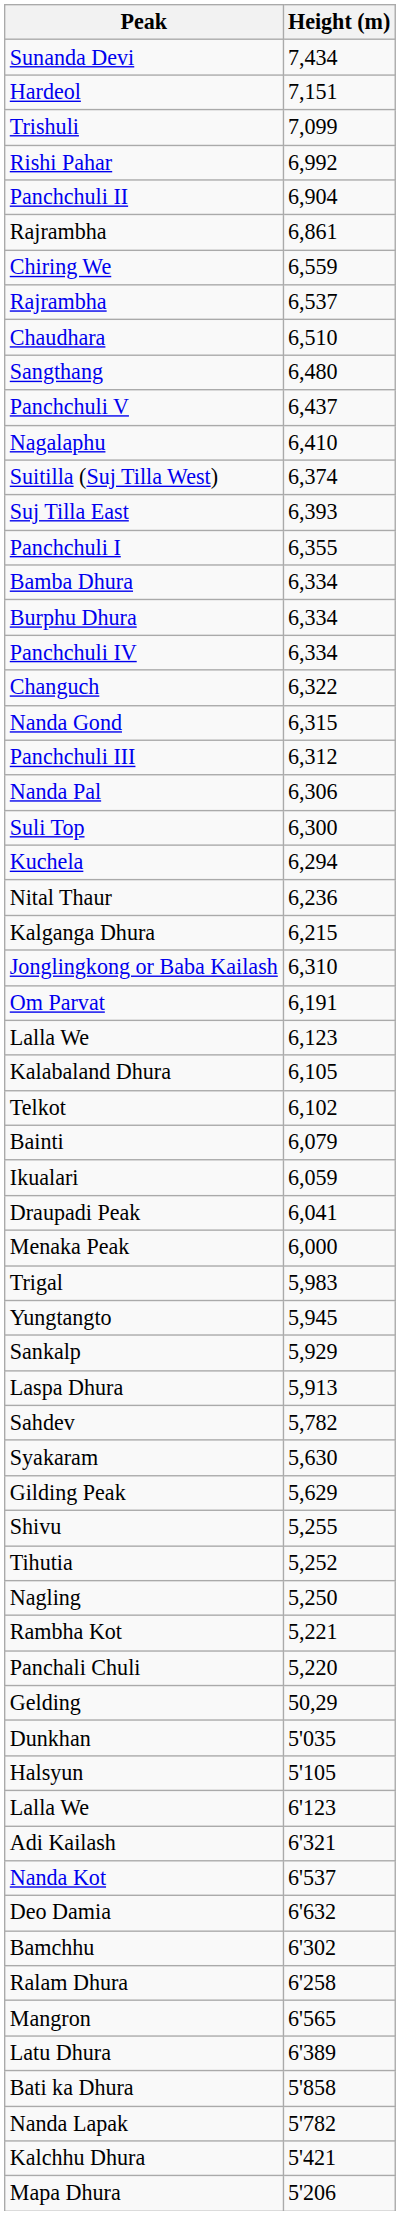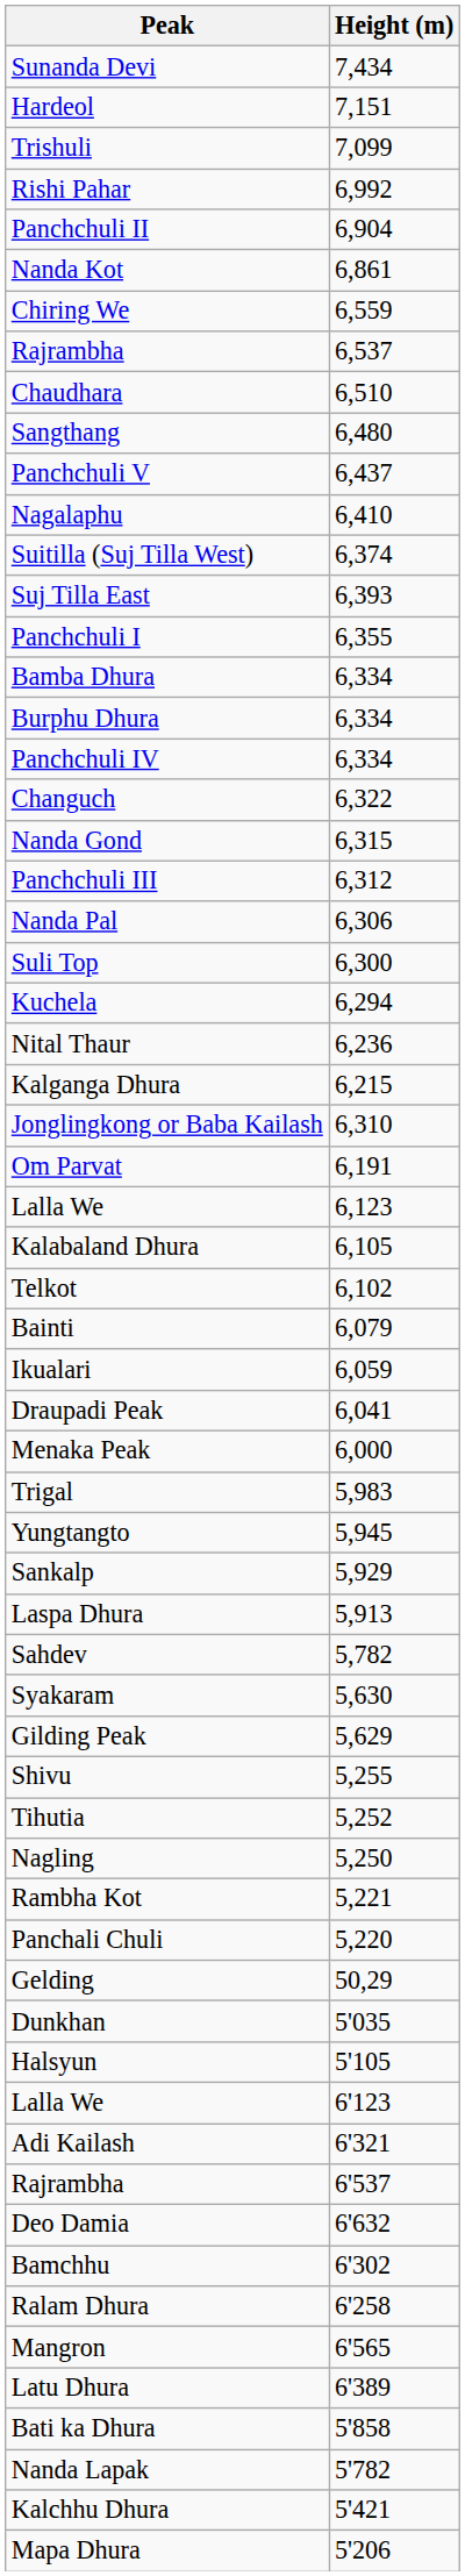 <table class="wikitable sortable">
 <tr>
 <th>Peak</th>
 <th>Height (m)</th>
 </tr>
 <tr>
 <td><a href='#'>Sunanda Devi</a></td>
 <td>7,434</td>
 </tr>
 <tr>
 <td><a href='#'>Hardeol</a></td>
 <td>7,151</td>
 </tr>
 <tr>
 <td><a href='#'>Trishuli</a></td>
 <td>7,099</td>
 </tr>
 <tr>
 <td><a href='#'>Rishi Pahar</a></td>
 <td>6,992</td>
 </tr>
 <tr>
 <td><a href='#'>Panchchuli II</a></td>
 <td>6,904</td>
 </tr>
 <tr>
-<td>Rajrambha</td>
+<td><a href='#'>Nanda Kot</a></td>
 <td>6,861</td>
 </tr>
 <tr>
 <td><a href='#'>Chiring We</a></td>
 <td>6,559</td>
 </tr>
 <tr>
 <td><a href='#'>Rajrambha</a></td>
 <td>6,537</td>
 </tr>
 <tr>
 <td><a href='#'>Chaudhara</a></td>
 <td>6,510</td>
 </tr>
 <tr>
 <td><a href='#'>Sangthang</a></td>
 <td>6,480</td>
 </tr>
 <tr>
 <td><a href='#'>Panchchuli V</a></td>
 <td>6,437</td>
 </tr>
 <tr>
 <td><a href='#'>Nagalaphu</a></td>
 <td>6,410</td>
 </tr>
 <tr>
 <td><a href='#'>Suitilla</a> (<a href='#'>Suj Tilla West</a>)</td>
 <td>6,374</td>
 </tr>
 <tr>
 <td><a href='#'>Suj Tilla East</a></td>
 <td>6,393</td>
 </tr>
 <tr>
 <td><a href='#'>Panchchuli I</a></td>
 <td>6,355</td>
 </tr>
 <tr>
 <td><a href='#'>Bamba Dhura</a></td>
 <td>6,334</td>
 </tr>
 <tr>
 <td><a href='#'>Burphu Dhura</a></td>
 <td>6,334</td>
 </tr>
 <tr>
 <td><a href='#'>Panchchuli IV</a></td>
 <td>6,334</td>
 </tr>
 <tr>
 <td><a href='#'>Changuch</a></td>
 <td>6,322</td>
 </tr>
 <tr>
 <td><a href='#'>Nanda Gond</a></td>
 <td>6,315</td>
 </tr>
 <tr>
 <td><a href='#'>Panchchuli III</a></td>
 <td>6,312</td>
 </tr>
 <tr>
 <td><a href='#'>Nanda Pal</a></td>
 <td>6,306</td>
 </tr>
 <tr>
 <td><a href='#'>Suli Top</a></td>
 <td>6,300</td>
 </tr>
 <tr>
 <td><a href='#'>Kuchela</a></td>
 <td>6,294</td>
 </tr>
 <tr>
 <td>Nital Thaur</td>
 <td>6,236</td>
 </tr>
 <tr>
 <td>Kalganga Dhura</td>
 <td>6,215</td>
 </tr>
 <tr>
 <td><a href='#'>Jonglingkong or Baba Kailash</a></td>
 <td>6,310</td>
 </tr>
 <tr>
 <td><a href='#'>Om Parvat</a></td>
 <td>6,191</td>
 </tr>
 <tr>
 <td>Lalla We</td>
 <td>6,123</td>
 </tr>
 <tr>
 <td>Kalabaland Dhura</td>
 <td>6,105</td>
 </tr>
 <tr>
 <td>Telkot</td>
 <td>6,102</td>
 </tr>
 <tr>
 <td>Bainti</td>
 <td>6,079</td>
 </tr>
 <tr>
 <td>Ikualari</td>
 <td>6,059</td>
 </tr>
 <tr>
 <td>Draupadi Peak</td>
 <td>6,041</td>
 </tr>
 <tr>
 <td>Menaka Peak</td>
 <td>6,000</td>
 </tr>
 <tr>
 <td>Trigal</td>
 <td>5,983</td>
 </tr>
 <tr>
 <td>Yungtangto</td>
 <td>5,945</td>
 </tr>
 <tr>
 <td>Sankalp</td>
 <td>5,929</td>
 </tr>
 <tr>
 <td>Laspa Dhura</td>
 <td>5,913</td>
 </tr>
 <tr>
 <td>Sahdev</td>
 <td>5,782</td>
 </tr>
 <tr>
 <td>Syakaram</td>
 <td>5,630</td>
 </tr>
 <tr>
 <td>Gilding Peak</td>
 <td>5,629</td>
 </tr>
 <tr>
 <td>Shivu</td>
 <td>5,255</td>
 </tr>
 <tr>
 <td>Tihutia</td>
 <td>5,252</td>
 </tr>
 <tr>
 <td>Nagling</td>
 <td>5,250</td>
 </tr>
 <tr>
 <td>Rambha Kot</td>
 <td>5,221</td>
 </tr>
 <tr>
 <td>Panchali Chuli</td>
 <td>5,220</td>
 </tr>
 <tr>
 <td>Gelding</td>
 <td>50,29</td>
 </tr>
 <tr>
 <td>Dunkhan</td>
 <td>5'035</td>
 </tr>
 <tr>
 <td>Halsyun</td>
 <td>5'105</td>
 </tr>
 <tr>
 <td>Lalla We</td>
 <td>6'123</td>
 </tr>
 <tr>
 <td>Adi Kailash</td>
 <td>6'321</td>
 </tr>
 <tr>
-<td><a href='#'>Nanda Kot</a></td>
+<td>Rajrambha</td>
 <td>6'537</td>
 </tr>
 <tr>
 <td>Deo Damia</td>
 <td>6'632</td>
 </tr>
 <tr>
 <td>Bamchhu</td>
 <td>6'302</td>
 </tr>
 <tr>
 <td>Ralam Dhura</td>
 <td>6'258</td>
 </tr>
 <tr>
 <td>Mangron</td>
 <td>6'565</td>
 </tr>
 <tr>
 <td>Latu Dhura</td>
 <td>6'389</td>
 </tr>
 <tr>
 <td>Bati ka Dhura</td>
 <td>5'858</td>
 </tr>
 <tr>
 <td>Nanda Lapak</td>
 <td>5'782</td>
 </tr>
 <tr>
 <td>Kalchhu Dhura</td>
 <td>5'421</td>
 </tr>
 <tr>
 <td>Mapa Dhura</td>
 <td>5'206</td>
 </tr>
 </table>
